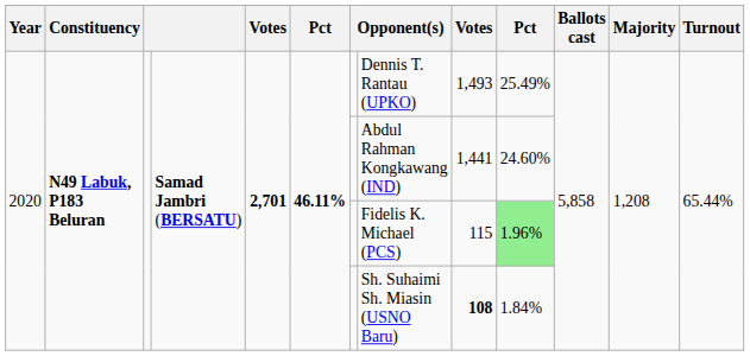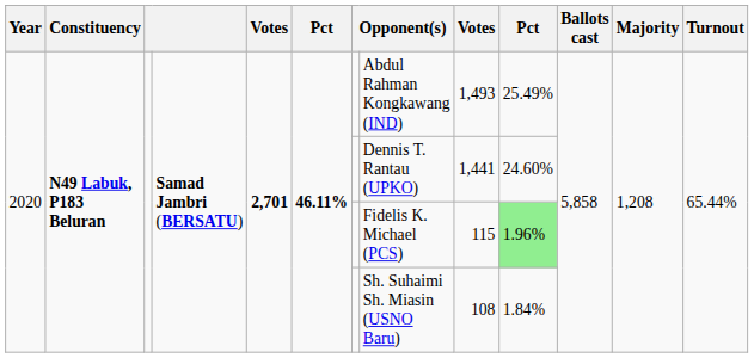 <table class="wikitable" style="margin:0.5em ; font-size:95%">
 <tr>
 <th>Year</th>
 <th>Constituency</th>
 <th colspan=2></th>
 <th>Votes</th>
 <th>Pct</th>
 <th colspan=2>Opponent(s)</th>
 <th>Votes</th>
 <th>Pct</th>
 <th>Ballots cast</th>
 <th>Majority</th>
 <th>Turnout</th>
 </tr>
 <tr>
 <td rowspan=4>2020</td>
 <td rowspan=4><strong>N49 <a href='#'>Labuk</a>, P183 Beluran</strong></td>
 <td rowspan=4 bgcolor=></td>
 <td rowspan=4><strong>Samad Jambri</strong> (<a href='#'><strong>BERSATU</strong></a>)</td>
 <td rowspan=4 align="right"><strong>2,701</strong></td>
 <td rowspan=4><strong>46.11%</strong></td>
 <td></td>
-<td>Dennis T. Rantau (<a href='#'>UPKO</a>)</td>
+<td>Abdul Rahman Kongkawang (<a href='#'>IND</a>)</td>
 <td align="right">1,493</td>
 <td>25.49%</td>
 <td rowspan=4>5,858</td>
 <td rowspan=4>1,208</td>
 <td rowspan=4>65.44%</td>
 </tr>
 <tr>
 <td></td>
-<td>Abdul Rahman Kongkawang (<a href='#'>IND</a>)</td>
+<td>Dennis T. Rantau (<a href='#'>UPKO</a>)</td>
 <td align="right">1,441</td>
 <td>24.60%</td>
 </tr>
 <tr>
 <td></td>
 <td>Fidelis K. Michael (<a href='#'>PCS</a>)</td>
 <td align="right">115</td>
 <td style="background: lightgreen;">1.96%</td>
 </tr>
 <tr>
 <td bgcolor=></td>
 <td>Sh. Suhaimi Sh. Miasin (<a href='#'>USNO Baru</a>)</td>
-<td align="right"><strong>108</strong></td>
+<td align="right">108</td>
 <td>1.84%</td>
 </tr>
 </table>
